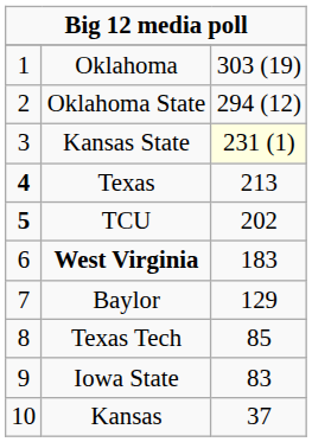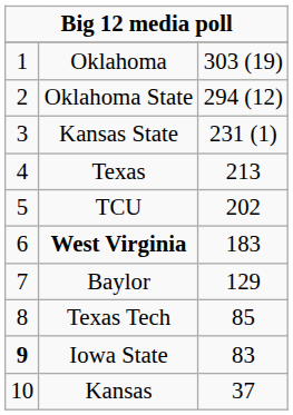 <table class="wikitable" style="display: inline-table;">
 <tr>
 <td align="center" Colspan="3"><strong>Big 12 media poll</strong></td>
 </tr>
 <tr align="center">
 </tr>
 <tr align="center">
 <td>1</td>
 <td>Oklahoma</td>
 <td>303 (19)</td>
 </tr>
 <tr align="center">
 <td>2</td>
 <td>Oklahoma State</td>
 <td>294 (12)</td>
 </tr>
 <tr align="center">
 <td>3</td>
 <td>Kansas State</td>
-<td style="background: lightyellow;">231 (1)</td>
+<td>231 (1)</td>
 </tr>
 <tr align="center">
-<td><strong>4</strong></td>
+<td>4</td>
 <td>Texas</td>
 <td>213</td>
 </tr>
 <tr align="center">
-<td><strong>5</strong></td>
+<td>5</td>
 <td>TCU</td>
 <td>202</td>
 </tr>
 <tr align="center">
 <td>6</td>
 <td><strong>West Virginia</strong></td>
 <td>183</td>
 </tr>
 <tr align="center">
 <td>7</td>
 <td>Baylor</td>
 <td>129</td>
 </tr>
 <tr align="center">
 <td>8</td>
 <td>Texas Tech</td>
 <td>85</td>
 </tr>
 <tr align="center">
-<td>9</td>
+<td><strong>9</strong></td>
 <td>Iowa State</td>
 <td>83</td>
 </tr>
 <tr align="center">
 <td>10</td>
 <td>Kansas</td>
 <td>37</td>
 </tr>
 </table>
